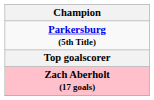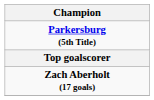 <table class="wikitable" style="margin: 0 auto; width: 220px;">
 <tr>
 <th>Champion</th>
 </tr>
 <tr>
 <td align="center"><strong><a href='#'>Parkersburg</a></strong><br><small><strong>(5th Title)</strong></small></td>
 </tr>
 <tr>
 <th>Top goalscorer</th>
 </tr>
 <tr>
-<td align="center" style="background: pink;"><strong> Zach Aberholt </strong><br><small><strong>(17 goals)</strong></small></td>
+<td align="center"><strong> Zach Aberholt </strong><br><small><strong>(17 goals)</strong></small></td>
 </tr>
 <tr>
 </tr>
 </table>
